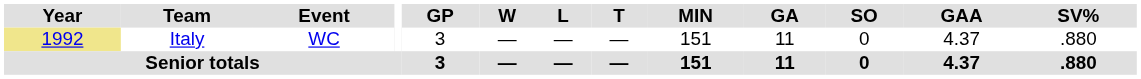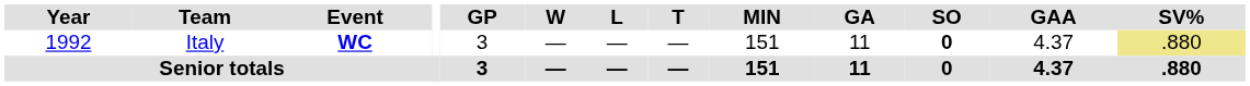 <table border="0" cellpadding="1" cellspacing="0" ID="Table3" style="text-align:center; width:60em">
 <tr ALIGN="center" bgcolor="#e0e0e0">
 <th>Year</th>
 <th>Team</th>
 <th>Event</th>
 <th rowspan="99" bgcolor="#ffffff"></th>
 <th>GP</th>
 <th>W</th>
 <th>L</th>
 <th>T</th>
 <th>MIN</th>
 <th>GA</th>
 <th>SO</th>
 <th>GAA</th>
 <th>SV%</th>
 </tr>
 <tr>
-<td style="background: khaki;"><a href='#'>1992</a></td>
+<td><a href='#'>1992</a></td>
 <td><a href='#'>Italy</a></td>
-<td><a href='#'>WC</a></td>
+<td><strong><a href='#'>WC</a></strong></td>
 <td>3</td>
 <td>—</td>
 <td>—</td>
 <td>—</td>
 <td>151</td>
 <td>11</td>
-<td>0</td>
+<td><strong>0</strong></td>
 <td>4.37</td>
-<td>.880</td>
+<td style="background: khaki;">.880</td>
 </tr>
 <tr bgcolor="#e0e0e0">
 <th colspan=4>Senior totals</th>
 <th>3</th>
 <th>—</th>
 <th>—</th>
 <th>—</th>
 <th>151</th>
 <th>11</th>
 <th>0</th>
 <th>4.37</th>
 <th>.880</th>
 </tr>
 </table>
